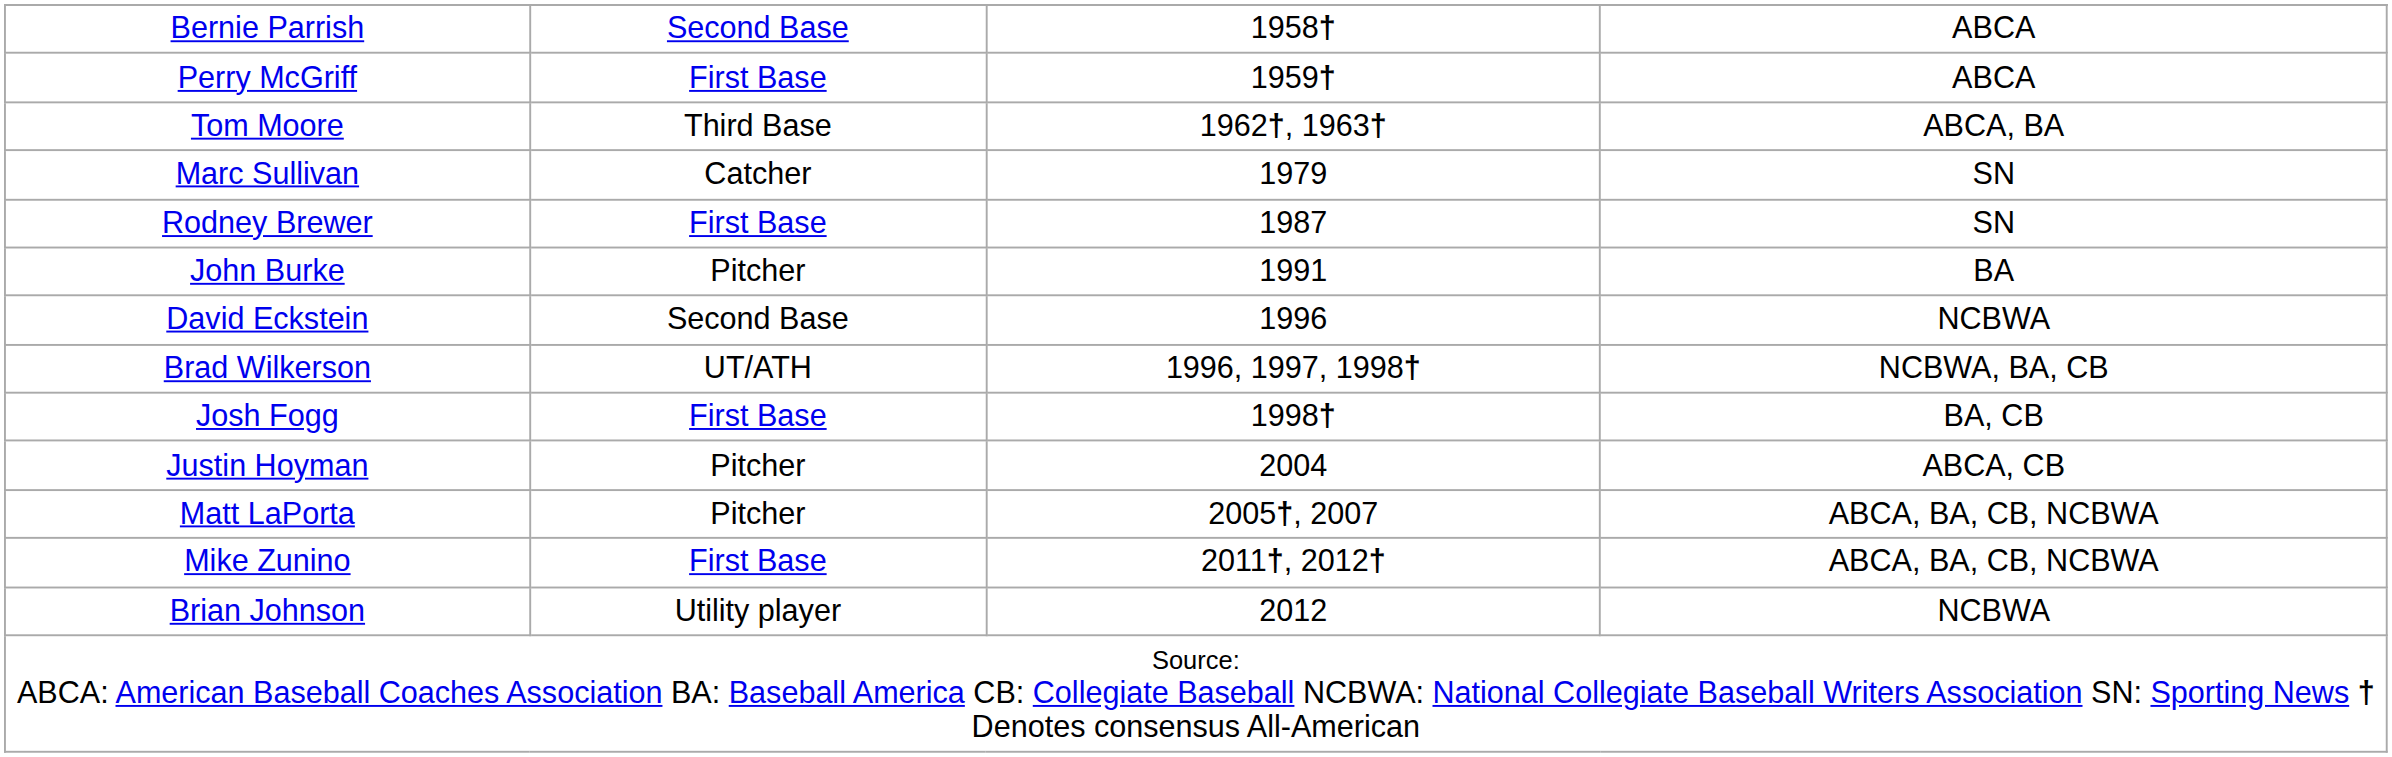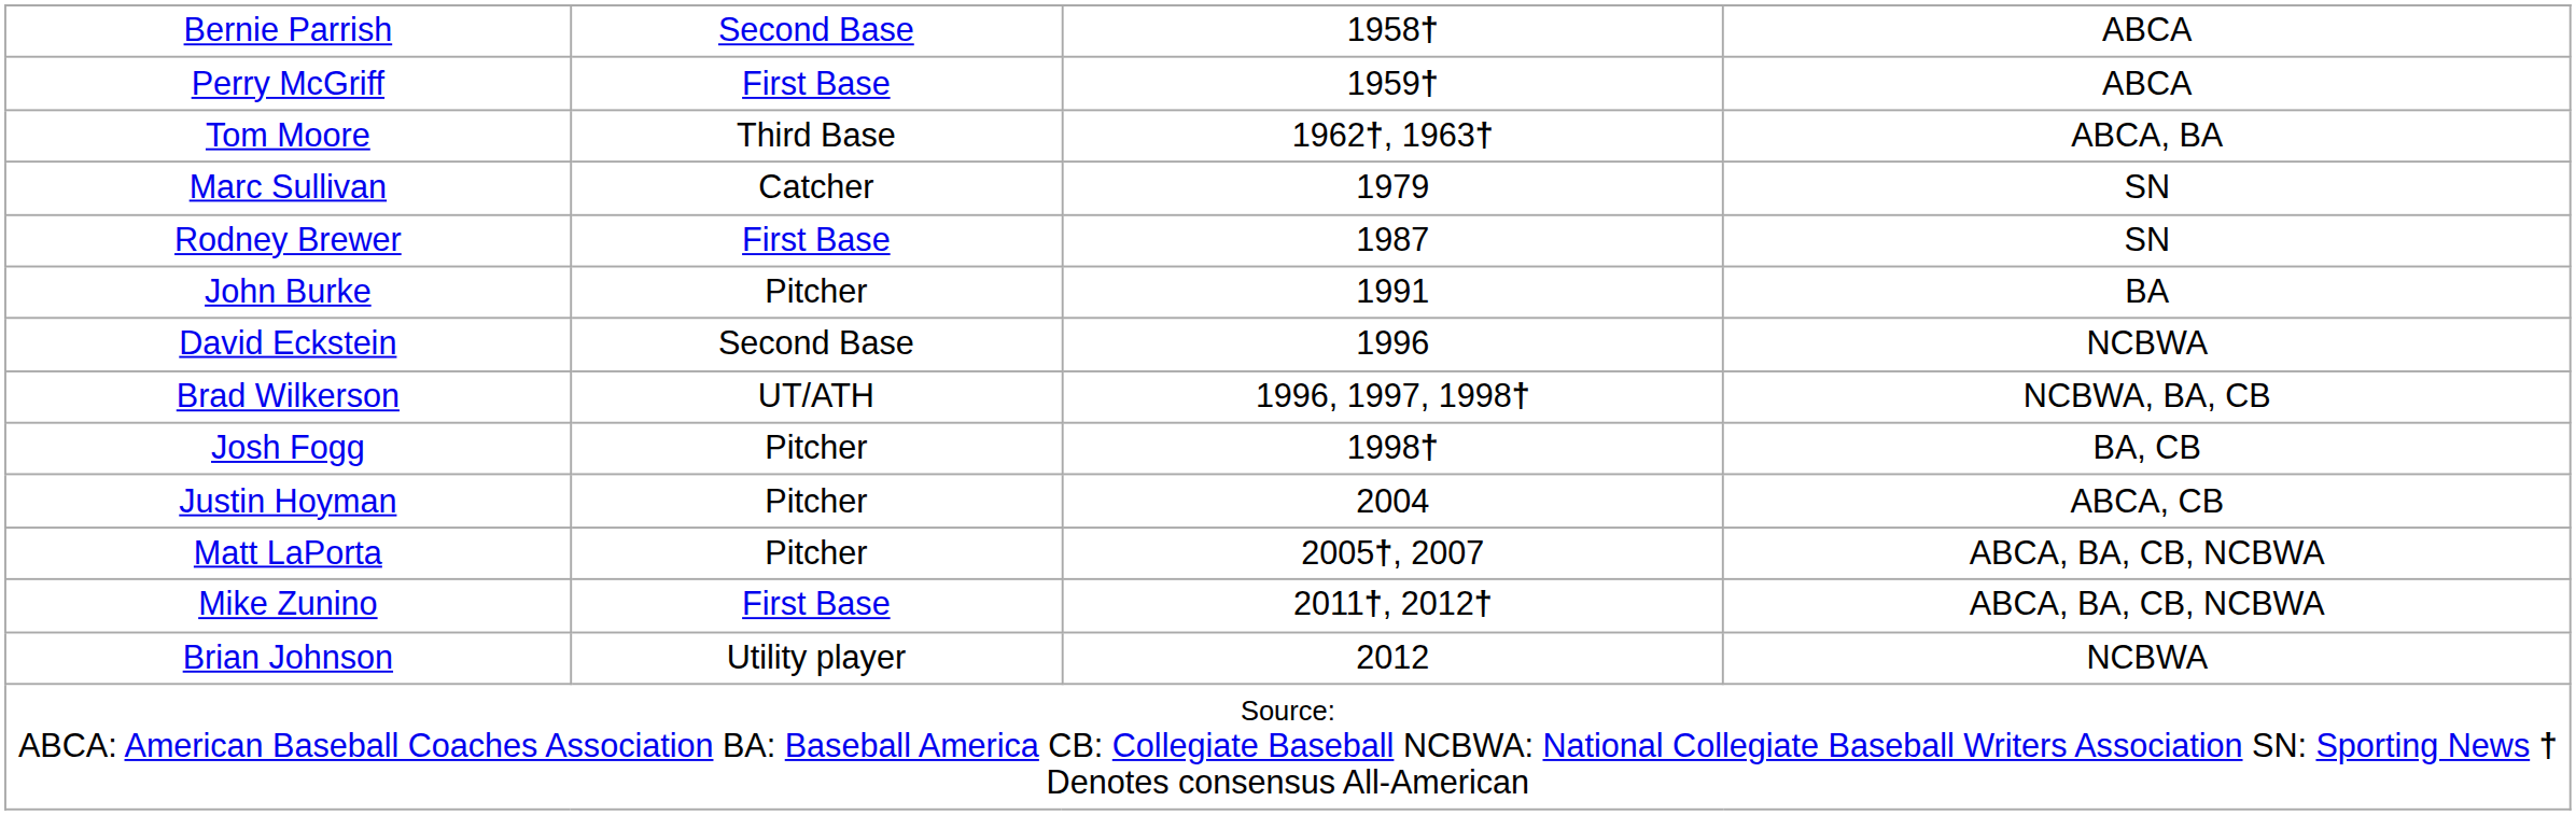 <table class="wikitable" style="background:white; min-width:70%">
 <tr>
 </tr>
 <tr style="text-align:center;">
 <td><a href='#'>Bernie Parrish</a></td>
 <td><a href='#'>Second Base</a></td>
 <td>1958<strong>†</strong></td>
 <td>ABCA</td>
 </tr>
 <tr style="text-align:center;">
 <td><a href='#'>Perry McGriff</a></td>
 <td><a href='#'>First Base</a></td>
 <td>1959<strong>†</strong></td>
 <td>ABCA</td>
 </tr>
 <tr style="text-align:center;">
 <td><a href='#'>Tom Moore</a></td>
 <td>Third Base</td>
 <td>1962<strong>†</strong>, 1963<strong>†</strong></td>
 <td>ABCA, BA</td>
 </tr>
 <tr style="text-align:center;">
 <td><a href='#'>Marc Sullivan</a></td>
 <td>Catcher</td>
 <td>1979</td>
 <td>SN</td>
 </tr>
 <tr style="text-align:center;">
 <td><a href='#'>Rodney Brewer</a></td>
 <td><a href='#'>First Base</a></td>
 <td>1987</td>
 <td>SN</td>
 </tr>
 <tr style="text-align:center;">
 <td><a href='#'>John Burke</a></td>
 <td>Pitcher</td>
 <td>1991</td>
 <td>BA</td>
 </tr>
 <tr style="text-align:center;">
 <td><a href='#'>David Eckstein</a></td>
 <td>Second Base</td>
 <td>1996</td>
 <td>NCBWA</td>
 </tr>
 <tr style="text-align:center;">
 <td><a href='#'>Brad Wilkerson</a></td>
 <td>UT/ATH</td>
 <td>1996, 1997, 1998<strong>†</strong></td>
 <td>NCBWA, BA, CB</td>
 </tr>
 <tr style="text-align:center;">
 <td><a href='#'>Josh Fogg</a></td>
-<td><a href='#'>First Base</a></td>
+<td>Pitcher</td>
 <td>1998<strong>†</strong></td>
 <td>BA, CB</td>
 </tr>
 <tr style="text-align:center;">
 <td><a href='#'>Justin Hoyman</a></td>
 <td>Pitcher</td>
 <td>2004</td>
 <td>ABCA, CB</td>
 </tr>
 <tr style="text-align:center;">
 <td><a href='#'>Matt LaPorta</a></td>
 <td>Pitcher</td>
 <td>2005<strong>†</strong>, 2007</td>
 <td>ABCA, BA, CB, NCBWA</td>
 </tr>
 <tr style="text-align:center;">
 <td><a href='#'>Mike Zunino</a></td>
 <td><a href='#'>First Base</a></td>
 <td>2011<strong>†</strong>, 2012<strong>†</strong></td>
 <td>ABCA, BA, CB, NCBWA</td>
 </tr>
 <tr style="text-align:center;">
 <td><a href='#'>Brian Johnson</a></td>
 <td>Utility player</td>
 <td>2012</td>
 <td>NCBWA</td>
 </tr>
 <tr style="text-align:center;">
 <td colspan=4><small>Source:</small><br>ABCA: <a href='#'>American Baseball Coaches Association</a> BA: <a href='#'>Baseball America</a> CB: <a href='#'>Collegiate Baseball</a> NCBWA: <a href='#'>National Collegiate Baseball Writers Association</a> SN: <a href='#'>Sporting News</a> <strong>†</strong> Denotes consensus All-American</td>
 </tr>
 </table>
